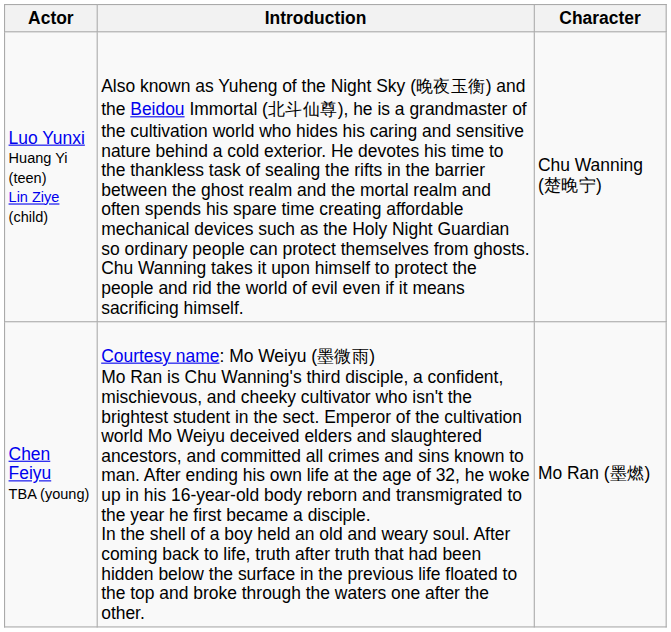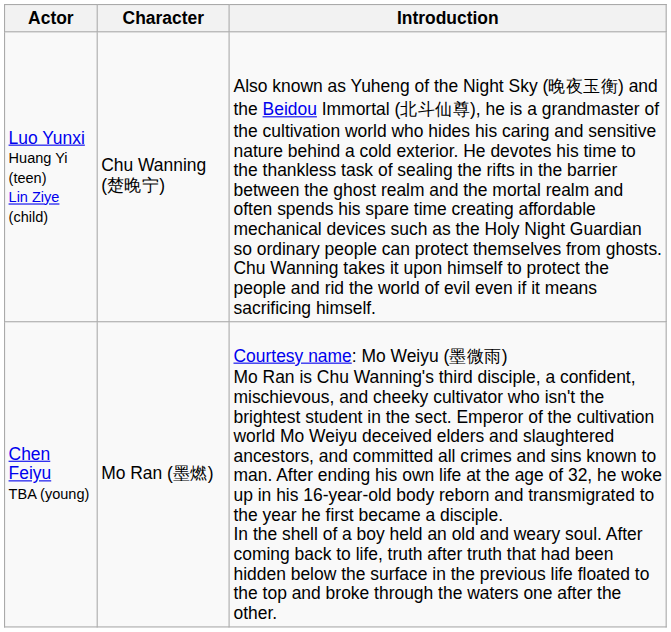 <table class="wikitable">
 <tr>
 <th style="width:14%">Actor</th>
+<th style="width:20%">Character</th>
 <th>Introduction</th>
-<th style="width:20%">Character</th>
 </tr>
 <tr>
 <td><a href='#'>Luo Yunxi</a><br> <small>Huang Yi (teen)</small><br><small><a href='#'>Lin Ziye</a> (child)</small></td>
+<td>Chu Wanning (楚晚宁)</td>
 <td><br><br>Also known as Yuheng of the Night Sky (晚夜玉衡) and the <a href='#'>Beidou</a> Immortal (北斗仙尊), he is a grandmaster of the cultivation world who hides his caring and sensitive nature behind a cold exterior. He devotes his time to the thankless task of sealing the rifts in the barrier between the ghost realm and the mortal realm and often spends his spare time creating affordable mechanical devices such as the Holy Night Guardian so ordinary people can protect themselves from ghosts. Chu Wanning takes it upon himself to protect the people and rid the world of evil even if it means sacrificing himself.</td>
-<td>Chu Wanning (楚晚宁)</td>
 </tr>
 <tr>
 <td><a href='#'>Chen Feiyu</a><br> <small>TBA (young)</small></td>
+<td>Mo Ran (墨燃)</td>
 <td><br><a href='#'>Courtesy name</a>: Mo Weiyu (墨微雨)<br> Mo Ran is Chu Wanning's third disciple, a confident, mischievous, and cheeky cultivator who isn't the brightest student in the sect. Emperor of the cultivation world Mo Weiyu deceived elders and slaughtered ancestors, and committed all crimes and sins known to man. After ending his own life at the age of 32, he woke up in his 16-year-old body reborn and transmigrated to the year he first became a disciple.<br>In the shell of a boy held an old and weary soul. After coming back to life, truth after truth that had been hidden below the surface in the previous life floated to the top and broke through the waters one after the other.</td>
-<td>Mo Ran (墨燃)</td>
 </tr>
 </table>
